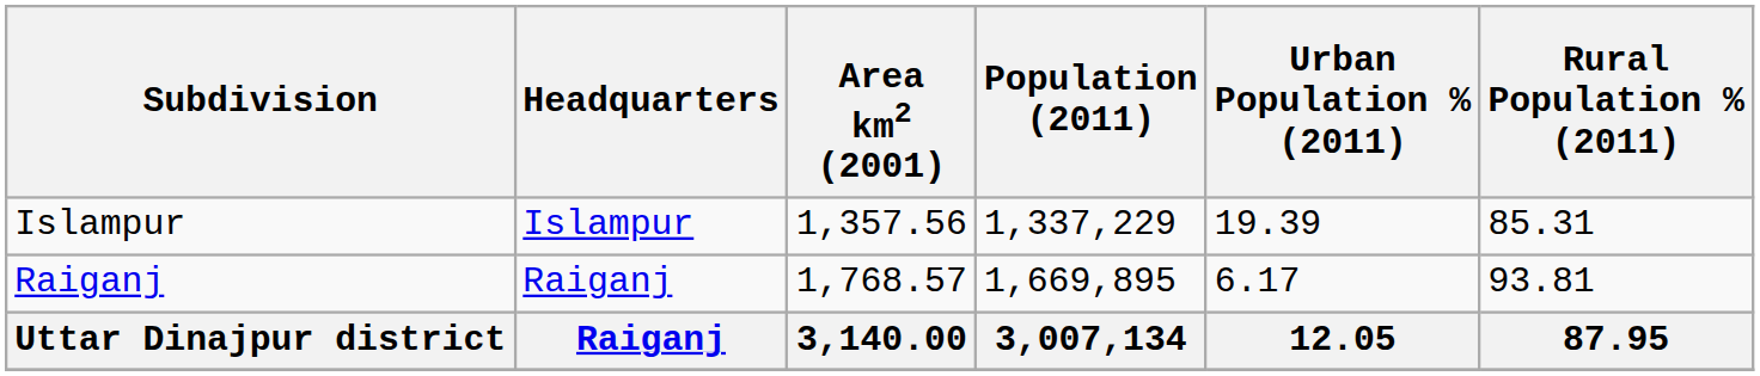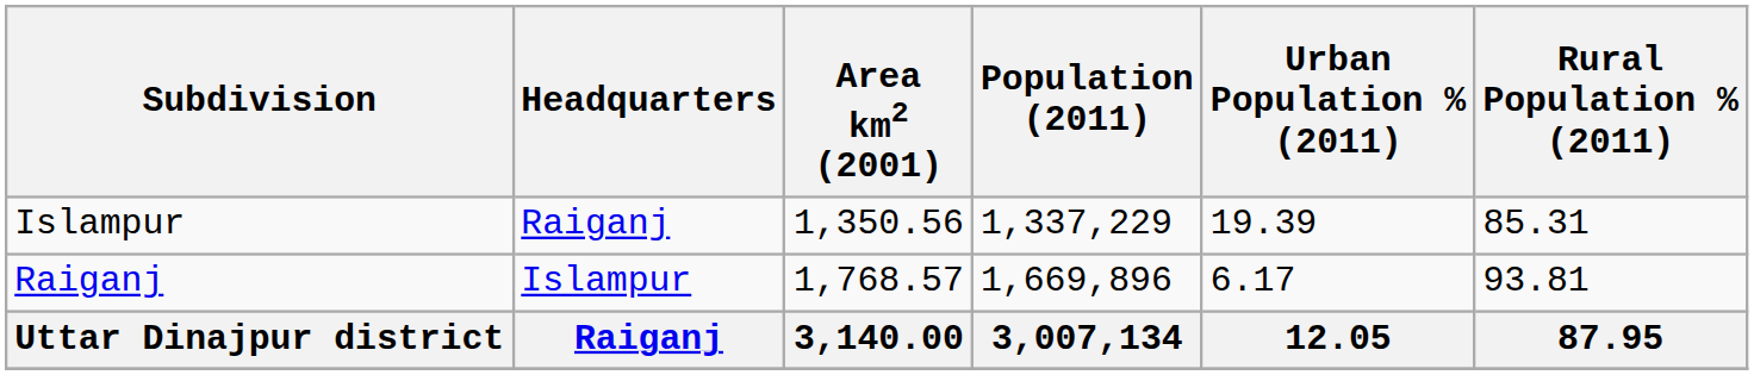 <table class="wikitable sortable">
 <tr>
 <th>Subdivision</th>
 <th>Headquarters</th>
 <th><br>Area<br>km<sup>2</sup><br>(2001)</th>
 <th>Population<br>(2011)</th>
 <th>Urban<br>Population %<br>(2011)</th>
 <th>Rural<br> Population % <br>(2011)</th>
 </tr>
 <tr>
 <td>Islampur</td>
-<td><a href='#'>Islampur</a></td>
-<td>1,357.56</td>
+<td><a href='#'>Raiganj</a></td>
+<td>1,350.56</td>
 <td>1,337,229</td>
 <td>19.39</td>
 <td>85.31</td>
 </tr>
 <tr>
 <td><a href='#'>Raiganj</a></td>
-<td><a href='#'>Raiganj</a></td>
+<td><a href='#'>Islampur</a></td>
 <td>1,768.57</td>
-<td>1,669,895</td>
+<td>1,669,896</td>
 <td>6.17</td>
 <td>93.81</td>
 </tr>
 <tr>
 <th>Uttar Dinajpur district</th>
 <th><a href='#'>Raiganj</a></th>
 <th>3,140.00</th>
 <th>3,007,134</th>
 <th>12.05</th>
 <th>87.95</th>
 </tr>
 <tr>
 </tr>
 </table>
